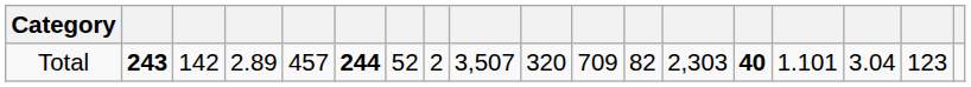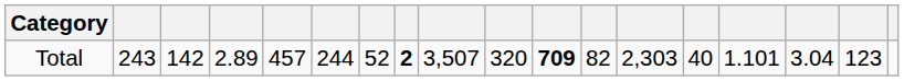 <table class="wikitable"  style="font-size: 95%; text-align:center;">
 <tr>
 <th>Category</th>
 <th></th>
 <th></th>
 <th></th>
 <th></th>
 <th></th>
 <th></th>
 <th></th>
 <th></th>
 <th></th>
 <th></th>
 <th></th>
 <th></th>
 <th></th>
 <th></th>
 <th></th>
 <th></th>
 <th></th>
 </tr>
 <tr>
 <td>Total</td>
-<td><strong>243</strong></td>
+<td>243</td>
 <td>142</td>
 <td>2.89</td>
 <td>457</td>
-<td><strong>244</strong></td>
+<td>244</td>
 <td>52</td>
-<td>2</td>
+<td><strong>2</strong></td>
 <td>3,507</td>
 <td>320</td>
-<td>709</td>
+<td><strong>709</strong></td>
 <td>82</td>
 <td>2,303</td>
-<td><strong>40</strong></td>
+<td>40</td>
 <td>1.101</td>
 <td>3.04</td>
 <td>123</td>
 <td></td>
 </tr>
 </table>
